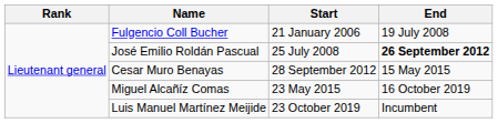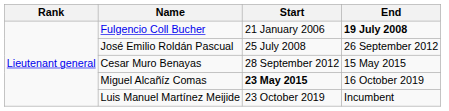 <table class="wikitable">
 <tr>
 <th>Rank</th>
 <th>Name</th>
 <th>Start</th>
 <th>End</th>
 </tr>
 <tr>
 <td rowspan=5><a href='#'>Lieutenant general</a></td>
 <td><a href='#'>Fulgencio Coll Bucher</a></td>
 <td>21 January 2006</td>
-<td>19 July 2008</td>
+<td><strong>19 July 2008</strong></td>
 </tr>
 <tr>
 <td>José Emilio Roldán Pascual</td>
 <td>25 July 2008</td>
-<td><strong>26 September 2012</strong></td>
+<td>26 September 2012</td>
 </tr>
 <tr>
 <td>Cesar Muro Benayas</td>
 <td>28 September 2012</td>
 <td>15 May 2015</td>
 </tr>
 <tr>
 <td>Miguel Alcañíz Comas</td>
-<td>23 May 2015</td>
+<td><strong>23 May 2015</strong></td>
 <td>16 October 2019</td>
 </tr>
 <tr>
 <td>Luis Manuel Martínez Meijide</td>
 <td>23 October 2019</td>
 <td>Incumbent</td>
 </tr>
 </table>
